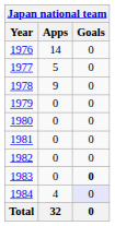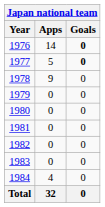 <table class="wikitable" style="text-align:center">
 <tr>
 <th colspan=3><a href='#'>Japan national team</a></th>
 </tr>
 <tr>
 <th>Year</th>
 <th>Apps</th>
 <th>Goals</th>
 </tr>
 <tr>
 <td><a href='#'>1976</a></td>
 <td>14</td>
-<td>0</td>
+<td><strong>0</strong></td>
 </tr>
 <tr>
 <td><a href='#'>1977</a></td>
 <td>5</td>
-<td>0</td>
+<td><strong>0</strong></td>
 </tr>
 <tr>
 <td><a href='#'>1978</a></td>
 <td>9</td>
 <td>0</td>
 </tr>
 <tr>
 <td><a href='#'>1979</a></td>
 <td>0</td>
 <td>0</td>
 </tr>
 <tr>
 <td><a href='#'>1980</a></td>
 <td>0</td>
 <td>0</td>
 </tr>
 <tr>
 <td><a href='#'>1981</a></td>
 <td>0</td>
 <td>0</td>
 </tr>
 <tr>
 <td><a href='#'>1982</a></td>
 <td>0</td>
 <td>0</td>
 </tr>
 <tr>
 <td><a href='#'>1983</a></td>
 <td>0</td>
-<td><strong>0</strong></td>
+<td>0</td>
 </tr>
 <tr>
 <td><a href='#'>1984</a></td>
 <td>4</td>
-<td style="background: lavender;">0</td>
+<td>0</td>
 </tr>
 <tr>
 <th>Total</th>
 <th>32</th>
 <th>0</th>
 </tr>
 </table>
